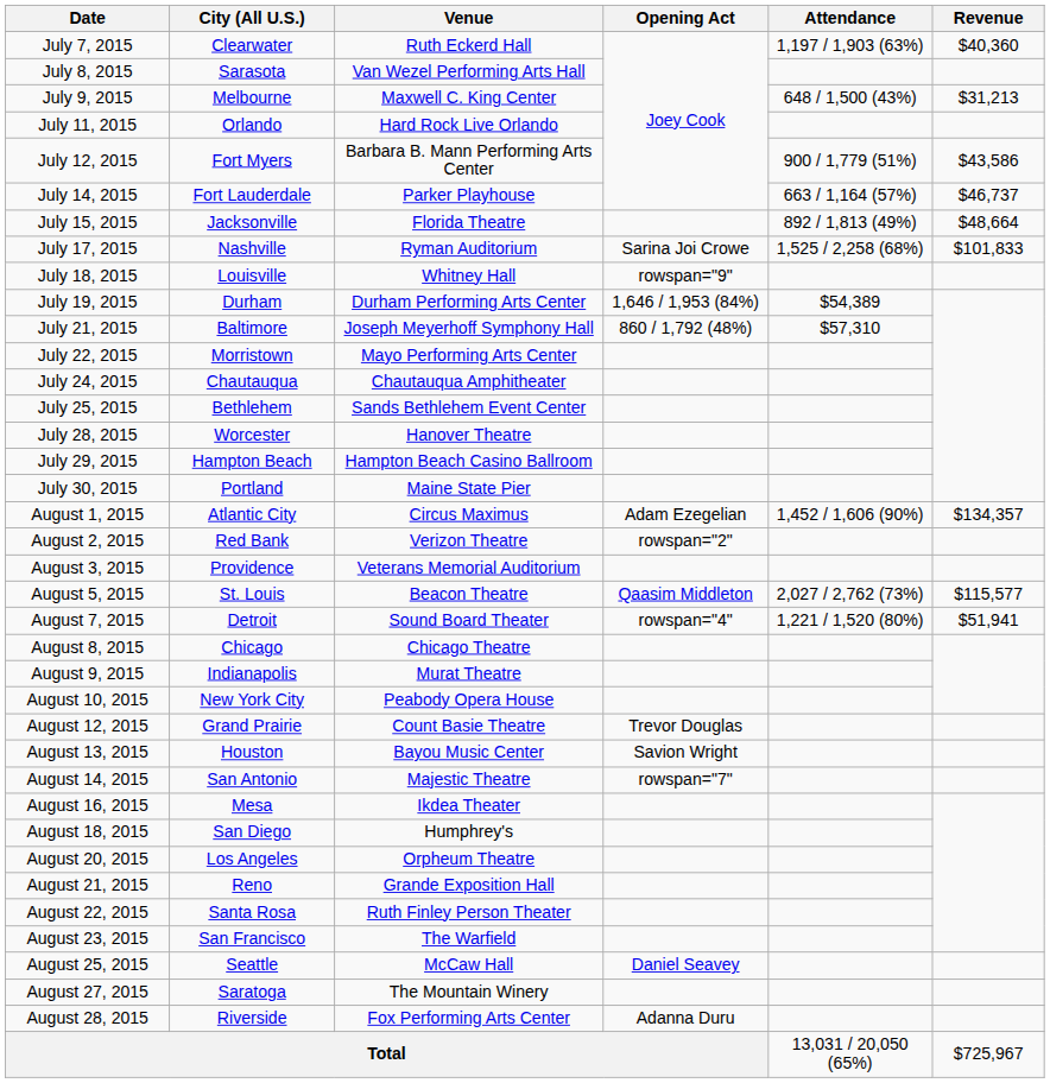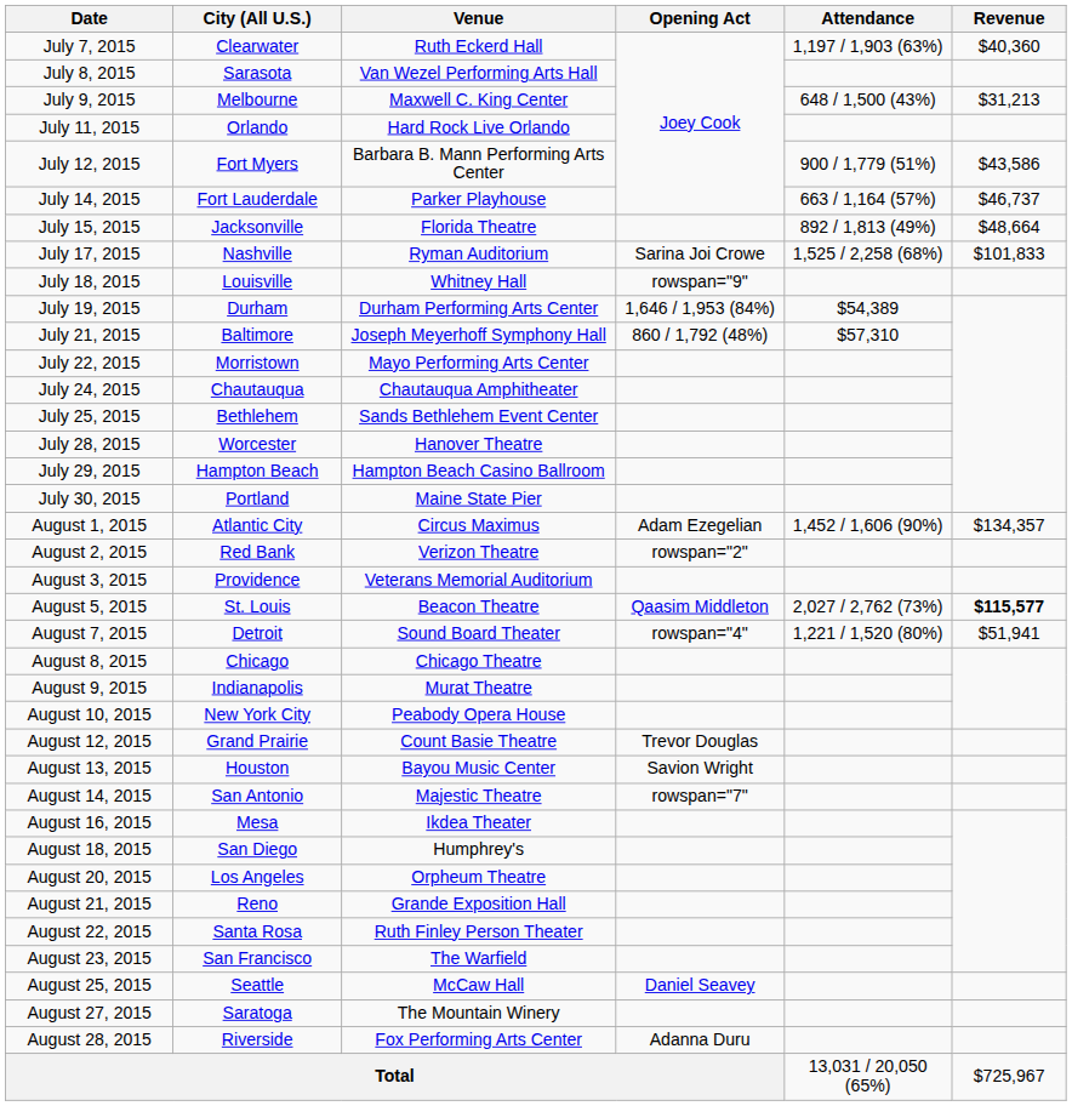 <table class="wikitable" style="text-align:center">
 <tr>
 <th style="width:150px;">Date</th>
 <th style="width:150px;">City (All U.S.)</th>
 <th style="width:250px;">Venue</th>
 <th style="width:150px;">Opening Act</th>
 <th style="width:150px;">Attendance</th>
 <th style="width:100px;">Revenue</th>
 </tr>
 <tr>
 <td>July 7, 2015</td>
 <td><a href='#'>Clearwater</a></td>
 <td><a href='#'>Ruth Eckerd Hall</a></td>
 <td rowspan="6"><a href='#'>Joey Cook</a></td>
 <td>1,197 / 1,903 (63%)</td>
 <td>$40,360</td>
 </tr>
 <tr>
 <td>July 8, 2015</td>
 <td><a href='#'>Sarasota</a></td>
 <td><a href='#'>Van Wezel Performing Arts Hall</a></td>
 <td></td>
 <td></td>
 </tr>
 <tr>
 <td>July 9, 2015</td>
 <td><a href='#'>Melbourne</a></td>
 <td><a href='#'>Maxwell C. King Center</a></td>
 <td>648 / 1,500 (43%)</td>
 <td>$31,213</td>
 </tr>
 <tr>
 <td>July 11, 2015</td>
 <td><a href='#'>Orlando</a></td>
 <td><a href='#'>Hard Rock Live Orlando</a></td>
 <td></td>
 <td></td>
 </tr>
 <tr>
 <td>July 12, 2015</td>
 <td><a href='#'>Fort Myers</a></td>
 <td>Barbara B. Mann Performing Arts Center</td>
 <td>900 / 1,779 (51%)</td>
 <td>$43,586</td>
 </tr>
 <tr>
 <td>July 14, 2015</td>
 <td><a href='#'>Fort Lauderdale</a></td>
 <td><a href='#'>Parker Playhouse</a></td>
 <td>663 / 1,164 (57%)</td>
 <td>$46,737</td>
 </tr>
 <tr>
 <td>July 15, 2015</td>
 <td><a href='#'>Jacksonville</a></td>
 <td><a href='#'>Florida Theatre</a></td>
 <td></td>
 <td>892 / 1,813 (49%)</td>
 <td>$48,664</td>
 </tr>
 <tr>
 <td>July 17, 2015</td>
 <td><a href='#'>Nashville</a></td>
 <td><a href='#'>Ryman Auditorium</a></td>
 <td>Sarina Joi Crowe</td>
 <td>1,525 / 2,258 (68%)</td>
 <td>$101,833</td>
 </tr>
 <tr>
 <td>July 18, 2015</td>
 <td><a href='#'>Louisville</a></td>
 <td><a href='#'>Whitney Hall</a></td>
 <td>rowspan="9" </td>
 <td></td>
 <td></td>
 </tr>
 <tr>
 <td>July 19, 2015</td>
 <td><a href='#'>Durham</a></td>
 <td><a href='#'>Durham Performing Arts Center</a></td>
 <td>1,646 / 1,953 (84%)</td>
 <td>$54,389</td>
 </tr>
 <tr>
 <td>July 21, 2015</td>
 <td><a href='#'>Baltimore</a></td>
 <td><a href='#'>Joseph Meyerhoff Symphony Hall</a></td>
 <td>860 / 1,792 (48%)</td>
 <td>$57,310</td>
 </tr>
 <tr>
 <td>July 22, 2015</td>
 <td><a href='#'>Morristown</a></td>
 <td><a href='#'>Mayo Performing Arts Center</a></td>
 <td></td>
 <td></td>
 </tr>
 <tr>
 <td>July 24, 2015</td>
 <td><a href='#'>Chautauqua</a></td>
 <td><a href='#'>Chautauqua Amphitheater</a></td>
 <td></td>
 <td></td>
 </tr>
 <tr>
 <td>July 25, 2015</td>
 <td><a href='#'>Bethlehem</a></td>
 <td><a href='#'>Sands Bethlehem Event Center</a></td>
 <td></td>
 <td></td>
 </tr>
 <tr>
 <td>July 28, 2015</td>
 <td><a href='#'>Worcester</a></td>
 <td><a href='#'>Hanover Theatre</a></td>
 <td></td>
 <td></td>
 </tr>
 <tr>
 <td>July 29, 2015</td>
 <td><a href='#'>Hampton Beach</a></td>
 <td><a href='#'>Hampton Beach Casino Ballroom</a></td>
 <td></td>
 <td></td>
 </tr>
 <tr>
 <td>July 30, 2015</td>
 <td><a href='#'>Portland</a></td>
 <td><a href='#'>Maine State Pier</a></td>
 <td></td>
 <td></td>
 </tr>
 <tr>
 <td>August 1, 2015</td>
 <td><a href='#'>Atlantic City</a></td>
 <td><a href='#'>Circus Maximus</a></td>
 <td>Adam Ezegelian</td>
 <td>1,452 / 1,606 (90%)</td>
 <td>$134,357</td>
 </tr>
 <tr>
 <td>August 2, 2015</td>
 <td><a href='#'>Red Bank</a></td>
 <td><a href='#'>Verizon Theatre</a></td>
 <td>rowspan="2" </td>
 <td></td>
 <td></td>
 </tr>
 <tr>
 <td>August 3, 2015</td>
 <td><a href='#'>Providence</a></td>
 <td><a href='#'>Veterans Memorial Auditorium</a></td>
 <td></td>
 <td></td>
 </tr>
 <tr>
 <td>August 5, 2015</td>
 <td><a href='#'>St. Louis</a></td>
 <td><a href='#'>Beacon Theatre</a></td>
 <td><a href='#'>Qaasim Middleton</a></td>
 <td>2,027 / 2,762 (73%)</td>
-<td>$115,577</td>
+<td><strong>$115,577</strong></td>
 </tr>
 <tr>
 <td>August 7, 2015</td>
 <td><a href='#'>Detroit</a></td>
 <td><a href='#'>Sound Board Theater</a></td>
 <td>rowspan="4" </td>
 <td>1,221 / 1,520 (80%)</td>
 <td>$51,941</td>
 </tr>
 <tr>
 <td>August 8, 2015</td>
 <td><a href='#'>Chicago</a></td>
 <td><a href='#'>Chicago Theatre</a></td>
 <td></td>
 <td></td>
 </tr>
 <tr>
 <td>August 9, 2015</td>
 <td><a href='#'>Indianapolis</a></td>
 <td><a href='#'>Murat Theatre</a></td>
 <td></td>
 <td></td>
 </tr>
 <tr>
 <td>August 10, 2015</td>
 <td><a href='#'>New York City</a></td>
 <td><a href='#'>Peabody Opera House</a></td>
 <td></td>
 <td></td>
 </tr>
 <tr>
 <td>August 12, 2015</td>
 <td><a href='#'>Grand Prairie</a></td>
 <td><a href='#'>Count Basie Theatre</a></td>
 <td>Trevor Douglas</td>
 <td></td>
 <td></td>
 </tr>
 <tr>
 <td>August 13, 2015</td>
 <td><a href='#'>Houston</a></td>
 <td><a href='#'>Bayou Music Center</a></td>
 <td>Savion Wright</td>
 <td></td>
 <td></td>
 </tr>
 <tr>
 <td>August 14, 2015</td>
 <td><a href='#'>San Antonio</a></td>
 <td><a href='#'>Majestic Theatre</a></td>
 <td>rowspan="7" </td>
 <td></td>
 <td></td>
 </tr>
 <tr>
 <td>August 16, 2015</td>
 <td><a href='#'>Mesa</a></td>
 <td><a href='#'>Ikdea Theater</a></td>
 <td></td>
 <td></td>
 </tr>
 <tr>
 <td>August 18, 2015</td>
 <td><a href='#'>San Diego</a></td>
 <td>Humphrey's</td>
 <td></td>
 <td></td>
 </tr>
 <tr>
 <td>August 20, 2015</td>
 <td><a href='#'>Los Angeles</a></td>
 <td><a href='#'>Orpheum Theatre</a></td>
 <td></td>
 <td></td>
 </tr>
 <tr>
 <td>August 21, 2015</td>
 <td><a href='#'>Reno</a></td>
 <td><a href='#'>Grande Exposition Hall</a></td>
 <td></td>
 <td></td>
 </tr>
 <tr>
 <td>August 22, 2015</td>
 <td><a href='#'>Santa Rosa</a></td>
 <td><a href='#'>Ruth Finley Person Theater</a></td>
 <td></td>
 <td></td>
 </tr>
 <tr>
 <td>August 23, 2015</td>
 <td><a href='#'>San Francisco</a></td>
 <td><a href='#'>The Warfield</a></td>
 <td></td>
 <td></td>
 </tr>
 <tr>
 <td>August 25, 2015</td>
 <td><a href='#'>Seattle</a></td>
 <td><a href='#'>McCaw Hall</a></td>
 <td><a href='#'>Daniel Seavey</a></td>
 <td></td>
 <td></td>
 </tr>
 <tr>
 <td>August 27, 2015</td>
 <td><a href='#'>Saratoga</a></td>
 <td>The Mountain Winery</td>
 <td></td>
 <td></td>
 <td></td>
 </tr>
 <tr>
 <td>August 28, 2015</td>
 <td><a href='#'>Riverside</a></td>
 <td><a href='#'>Fox Performing Arts Center</a></td>
 <td>Adanna Duru</td>
 <td></td>
 <td></td>
 </tr>
 <tr>
 <th colspan="4">Total</th>
 <td>13,031 / 20,050 (65%)</td>
 <td>$725,967</td>
 </tr>
 </table>
